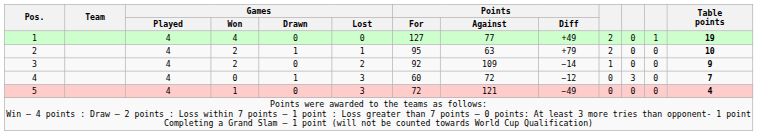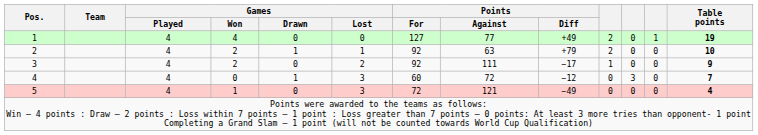 <table class="wikitable" style="text-align:center">
 <tr>
 <th rowspan="2">Pos.</th>
 <th rowspan="2">Team</th>
 <th colspan="4">Games</th>
 <th colspan="3">Points</th>
 <th rowspan="2"></th>
 <th rowspan="2"></th>
 <th rowspan="2"></th>
 <th rowspan="2">Table<br>points</th>
 </tr>
 <tr>
 <th>Played</th>
 <th>Won</th>
 <th>Drawn</th>
 <th>Lost</th>
 <th>For</th>
 <th>Against</th>
 <th>Diff</th>
 </tr>
 <tr style="text-align:center; background:#cfc;">
 <td>1</td>
 <td align=left></td>
 <td>4</td>
 <td>4</td>
 <td>0</td>
 <td>0</td>
 <td>127</td>
 <td>77</td>
 <td>+49</td>
 <td>2</td>
 <td>0</td>
 <td>1</td>
 <td><strong>19</strong></td>
 </tr>
 <tr align=center>
 <td>2</td>
 <td align=left></td>
 <td>4</td>
 <td>2</td>
 <td>1</td>
 <td>1</td>
-<td>95</td>
+<td>92</td>
 <td>63</td>
 <td>+79</td>
 <td>2</td>
 <td>0</td>
 <td>0</td>
 <td><strong>10</strong></td>
 </tr>
 <tr align=center>
 <td>3</td>
 <td align=left></td>
 <td>4</td>
 <td>2</td>
 <td>0</td>
 <td>2</td>
 <td>92</td>
-<td>109</td>
-<td>−14</td>
+<td>111</td>
+<td>−17</td>
 <td>1</td>
 <td>0</td>
 <td>0</td>
 <td><strong>9</strong></td>
 </tr>
 <tr align=center>
 <td>4</td>
 <td align=left></td>
 <td>4</td>
 <td>0</td>
 <td>1</td>
 <td>3</td>
 <td>60</td>
 <td>72</td>
 <td>−12</td>
 <td>0</td>
 <td>3</td>
 <td>0</td>
 <td><strong>7</strong></td>
 </tr>
 <tr style="text-align:center; background:#fcc;">
 <td>5</td>
 <td align=left></td>
 <td>4</td>
 <td>1</td>
 <td>0</td>
 <td>3</td>
 <td>72</td>
 <td>121</td>
 <td>−49</td>
 <td>0</td>
 <td>0</td>
 <td>0</td>
 <td><strong>4</strong></td>
 </tr>
 <tr>
 <td style="text-align:center;" colspan="100">Points were awarded to the teams as follows:<br>Win – 4 points : Draw – 2 points  : Loss within 7 points – 1 point : Loss greater than 7 points – 0 points: At least 3 more tries than opponent- 1 point<br>Completing a Grand Slam – 1 point (will not be counted towards World Cup Qualification)</td>
 </tr>
 </table>
